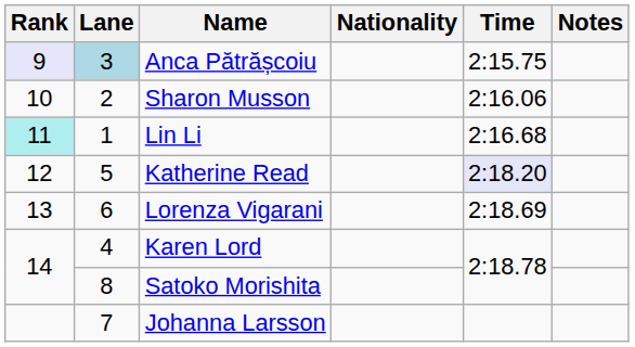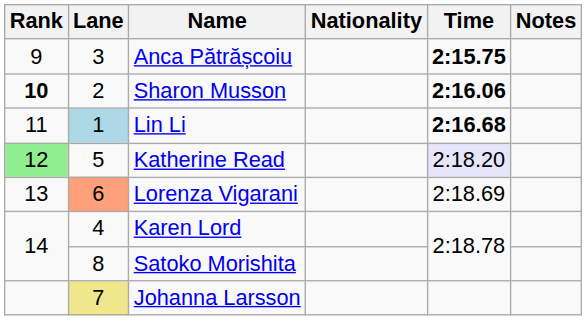 <table class="wikitable sortable" style="text-align:center">
 <tr>
 <th>Rank</th>
 <th>Lane</th>
 <th>Name</th>
 <th>Nationality</th>
 <th>Time</th>
 <th>Notes</th>
 </tr>
 <tr>
-<td style="background: lavender;">9</td>
-<td style="background: lightblue;">3</td>
+<td>9</td>
+<td>3</td>
 <td align=left><a href='#'>Anca Pătrășcoiu</a></td>
 <td align=left></td>
-<td>2:15.75</td>
+<td><strong>2:15.75</strong></td>
 <td></td>
 </tr>
 <tr>
-<td>10</td>
+<td><strong>10</strong></td>
 <td>2</td>
 <td align=left><a href='#'>Sharon Musson</a></td>
 <td align=left></td>
-<td>2:16.06</td>
+<td><strong>2:16.06</strong></td>
 <td></td>
 </tr>
 <tr>
-<td style="background: paleturquoise;">11</td>
-<td>1</td>
+<td>11</td>
+<td style="background: lightblue;">1</td>
 <td align=left><a href='#'>Lin Li</a></td>
 <td align=left></td>
-<td>2:16.68</td>
+<td><strong>2:16.68</strong></td>
 <td></td>
 </tr>
 <tr>
-<td>12</td>
+<td style="background: lightgreen;">12</td>
 <td>5</td>
 <td align=left><a href='#'>Katherine Read</a></td>
 <td align=left></td>
 <td style="background: lavender;">2:18.20</td>
 <td></td>
 </tr>
 <tr>
 <td>13</td>
-<td>6</td>
+<td style="background: lightsalmon;">6</td>
 <td align=left><a href='#'>Lorenza Vigarani</a></td>
 <td align=left></td>
 <td>2:18.69</td>
 <td></td>
 </tr>
 <tr>
 <td rowspan=2>14</td>
 <td>4</td>
 <td align=left><a href='#'>Karen Lord</a></td>
 <td align=left></td>
 <td rowspan=2>2:18.78</td>
 <td></td>
 </tr>
 <tr>
 <td>8</td>
 <td align=left><a href='#'>Satoko Morishita</a></td>
 <td align=left></td>
 <td></td>
 </tr>
 <tr>
 <td></td>
-<td>7</td>
+<td style="background: khaki;">7</td>
 <td align=left><a href='#'>Johanna Larsson</a></td>
 <td align=left></td>
 <td></td>
 <td></td>
 </tr>
 </table>
